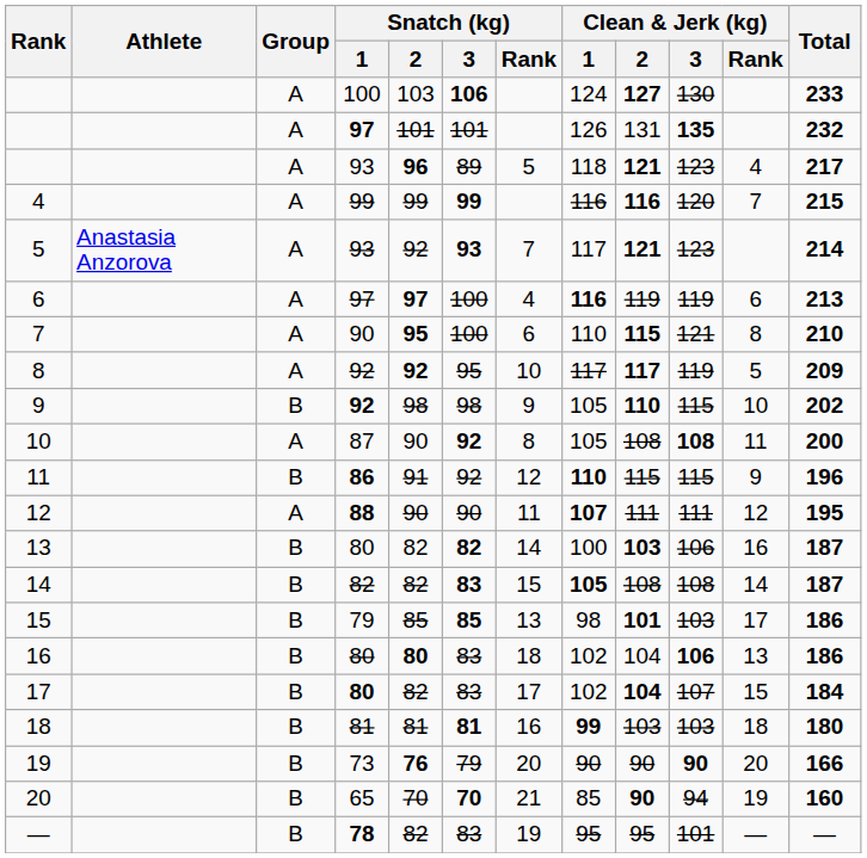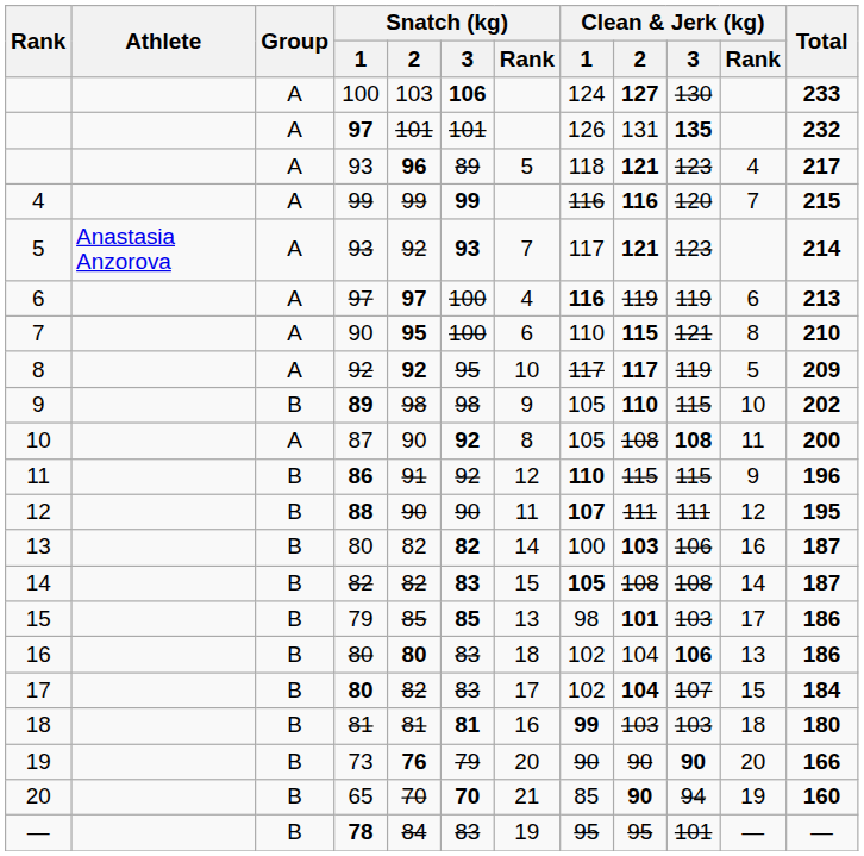 <table class = "wikitable" style="text-align:center;">
 <tr>
 <th rowspan=2 width=40>Rank</th>
 <th rowspan=2 width=250>Athlete</th>
 <th rowspan=2 width=50>Group</th>
 <th colspan=4>Snatch (kg)</th>
 <th colspan=4>Clean & Jerk (kg)</th>
 <th rowspan=2 width=60>Total</th>
 </tr>
 <tr>
 <th width=40>1</th>
 <th width=40>2</th>
 <th width=40>3</th>
 <th width=40>Rank</th>
 <th width=40>1</th>
 <th width=40>2</th>
 <th width=40>3</th>
 <th width=40>Rank</th>
 </tr>
 <tr>
 <td></td>
 <td align=left></td>
 <td>A</td>
 <td>100</td>
 <td>103</td>
 <td><strong>106</strong></td>
 <td></td>
 <td>124</td>
 <td><strong>127</strong></td>
 <td><s>130</s></td>
 <td></td>
 <td><strong>233</strong></td>
 </tr>
 <tr>
 <td></td>
 <td align=left></td>
 <td>A</td>
 <td><strong>97</strong></td>
 <td><s>101</s></td>
 <td><s>101</s></td>
 <td></td>
 <td>126</td>
 <td>131</td>
 <td><strong>135</strong></td>
 <td></td>
 <td><strong>232</strong></td>
 </tr>
 <tr>
 <td></td>
 <td align=left></td>
 <td>A</td>
 <td>93</td>
 <td><strong>96</strong></td>
 <td><s>89</s></td>
 <td>5</td>
 <td>118</td>
 <td><strong>121</strong></td>
 <td><s>123</s></td>
 <td>4</td>
 <td><strong>217</strong></td>
 </tr>
 <tr>
 <td>4</td>
 <td align=left></td>
 <td>A</td>
 <td><s>99</s></td>
 <td><s>99</s></td>
 <td><strong>99</strong></td>
 <td></td>
 <td><s>116</s></td>
 <td><strong>116</strong></td>
 <td><s>120</s></td>
 <td>7</td>
 <td><strong>215</strong></td>
 </tr>
 <tr>
 <td>5</td>
 <td align=left> <a href='#'>Anastasia Anzorova</a> </td>
 <td>A</td>
 <td><s>93</s></td>
 <td><s>92</s></td>
 <td><strong>93</strong></td>
 <td>7</td>
 <td>117</td>
 <td><strong>121</strong></td>
 <td><s>123</s></td>
 <td></td>
 <td><strong>214</strong></td>
 </tr>
 <tr>
 <td>6</td>
 <td align=left></td>
 <td>A</td>
 <td><s>97</s></td>
 <td><strong>97</strong></td>
 <td><s>100</s></td>
 <td>4</td>
 <td><strong>116</strong></td>
 <td><s>119</s></td>
 <td><s>119</s></td>
 <td>6</td>
 <td><strong>213</strong></td>
 </tr>
 <tr>
 <td>7</td>
 <td align=left></td>
 <td>A</td>
 <td>90</td>
 <td><strong>95</strong></td>
 <td><s>100</s></td>
 <td>6</td>
 <td>110</td>
 <td><strong>115</strong></td>
 <td><s>121</s></td>
 <td>8</td>
 <td><strong>210</strong></td>
 </tr>
 <tr>
 <td>8</td>
 <td align=left></td>
 <td>A</td>
 <td><s>92</s></td>
 <td><strong>92</strong></td>
 <td><s>95</s></td>
 <td>10</td>
 <td><s>117</s></td>
 <td><strong>117</strong></td>
 <td><s>119</s></td>
 <td>5</td>
 <td><strong>209</strong></td>
 </tr>
 <tr>
 <td>9</td>
 <td align=left></td>
 <td>B</td>
-<td><strong>92</strong></td>
+<td><strong>89</strong></td>
 <td><s>98</s></td>
 <td><s>98</s></td>
 <td>9</td>
 <td>105</td>
 <td><strong>110</strong></td>
 <td><s>115</s></td>
 <td>10</td>
 <td><strong>202</strong></td>
 </tr>
 <tr>
 <td>10</td>
 <td align=left></td>
 <td>A</td>
 <td>87</td>
 <td>90</td>
 <td><strong>92</strong></td>
 <td>8</td>
 <td>105</td>
 <td><s>108</s></td>
 <td><strong>108</strong></td>
 <td>11</td>
 <td><strong>200</strong></td>
 </tr>
 <tr>
 <td>11</td>
 <td align=left></td>
 <td>B</td>
 <td><strong>86</strong></td>
 <td><s>91</s></td>
 <td><s>92</s></td>
 <td>12</td>
 <td><strong>110</strong></td>
 <td><s>115</s></td>
 <td><s>115</s></td>
 <td>9</td>
 <td><strong>196</strong></td>
 </tr>
 <tr>
 <td>12</td>
 <td align=left></td>
-<td>A</td>
+<td>B</td>
 <td><strong>88</strong></td>
 <td><s>90</s></td>
 <td><s>90</s></td>
 <td>11</td>
 <td><strong>107</strong></td>
 <td><s>111</s></td>
 <td><s>111</s></td>
 <td>12</td>
 <td><strong>195</strong></td>
 </tr>
 <tr>
 <td>13</td>
 <td align=left></td>
 <td>B</td>
 <td>80</td>
 <td>82</td>
 <td><strong>82</strong></td>
 <td>14</td>
 <td>100</td>
 <td><strong>103</strong></td>
 <td><s>106</s></td>
 <td>16</td>
 <td><strong>187</strong></td>
 </tr>
 <tr>
 <td>14</td>
 <td align=left></td>
 <td>B</td>
 <td><s>82</s></td>
 <td><s>82</s></td>
 <td><strong>83</strong></td>
 <td>15</td>
 <td><strong>105</strong></td>
 <td><s>108</s></td>
 <td><s>108</s></td>
 <td>14</td>
 <td><strong>187</strong></td>
 </tr>
 <tr>
 <td>15</td>
 <td align=left></td>
 <td>B</td>
 <td>79</td>
 <td><s>85</s></td>
 <td><strong>85</strong></td>
 <td>13</td>
 <td>98</td>
 <td><strong>101</strong></td>
 <td><s>103</s></td>
 <td>17</td>
 <td><strong>186</strong></td>
 </tr>
 <tr>
 <td>16</td>
 <td align=left></td>
 <td>B</td>
 <td><s>80</s></td>
 <td><strong>80</strong></td>
 <td><s>83</s></td>
 <td>18</td>
 <td>102</td>
 <td>104</td>
 <td><strong>106</strong></td>
 <td>13</td>
 <td><strong>186</strong></td>
 </tr>
 <tr>
 <td>17</td>
 <td align=left></td>
 <td>B</td>
 <td><strong>80</strong></td>
 <td><s>82</s></td>
 <td><s>83</s></td>
 <td>17</td>
 <td>102</td>
 <td><strong>104</strong></td>
 <td><s>107</s></td>
 <td>15</td>
 <td><strong>184</strong></td>
 </tr>
 <tr>
 <td>18</td>
 <td align=left></td>
 <td>B</td>
 <td><s>81</s></td>
 <td><s>81</s></td>
 <td><strong>81</strong></td>
 <td>16</td>
 <td><strong>99</strong></td>
 <td><s>103</s></td>
 <td><s>103</s></td>
 <td>18</td>
 <td><strong>180</strong></td>
 </tr>
 <tr>
 <td>19</td>
 <td align=left></td>
 <td>B</td>
 <td>73</td>
 <td><strong>76</strong></td>
 <td><s>79</s></td>
 <td>20</td>
 <td><s>90</s></td>
 <td><s>90</s></td>
 <td><strong>90</strong></td>
 <td>20</td>
 <td><strong>166</strong></td>
 </tr>
 <tr>
 <td>20</td>
 <td align=left></td>
 <td>B</td>
 <td>65</td>
 <td><s>70</s></td>
 <td><strong>70</strong></td>
 <td>21</td>
 <td>85</td>
 <td><strong>90</strong></td>
 <td><s>94</s></td>
 <td>19</td>
 <td><strong>160</strong></td>
 </tr>
 <tr>
 <td>—</td>
 <td align=left></td>
 <td>B</td>
 <td><strong>78</strong></td>
-<td><s>82</s></td>
+<td><s>84</s></td>
 <td><s>83</s></td>
 <td>19</td>
 <td><s>95</s></td>
 <td><s>95</s></td>
 <td><s>101</s></td>
 <td>—</td>
 <td>—</td>
 </tr>
 </table>
